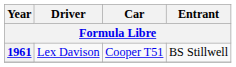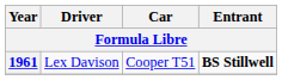 <table class="wikitable">
 <tr style="font-weight:bold">
 <th>Year</th>
 <th>Driver</th>
 <th>Car</th>
 <th>Entrant</th>
 </tr>
 <tr>
 <th colspan=4><a href='#'>Formula Libre</a></th>
 </tr>
 <tr>
 <th><a href='#'>1961</a></th>
 <td><a href='#'>Lex Davison</a></td>
 <td><a href='#'>Cooper T51</a></td>
-<td>BS Stillwell</td>
+<td><strong>BS Stillwell</strong></td>
 </tr>
 <tr>
 </tr>
 </table>
